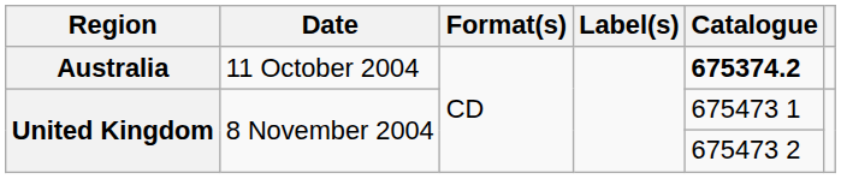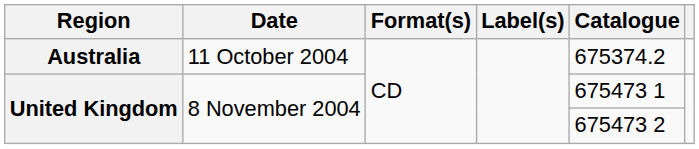 <table class="wikitable plainrowheaders">
 <tr>
 <th>Region</th>
 <th>Date</th>
 <th>Format(s)</th>
 <th>Label(s)</th>
 <th>Catalogue</th>
 <th></th>
 </tr>
 <tr>
 <th scope="row">Australia</th>
 <td>11 October 2004</td>
 <td rowspan="3">CD</td>
 <td rowspan="3"></td>
-<td><strong>675374.2</strong></td>
+<td>675374.2</td>
 <td></td>
 </tr>
 <tr>
 <th scope="row" rowspan="2">United Kingdom</th>
 <td rowspan="2">8 November 2004</td>
 <td>675473 1</td>
 <td rowspan="2"></td>
 </tr>
 <tr>
 <td>675473 2</td>
 </tr>
 </table>
